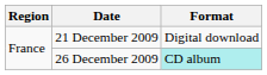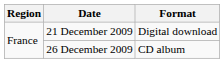 <table class="wikitable" border="1">
 <tr>
 <th>Region</th>
 <th>Date</th>
 <th>Format</th>
 </tr>
 <tr>
 <td rowspan=2>France</td>
 <td>21 December 2009</td>
 <td>Digital download</td>
 </tr>
 <tr>
 <td>26 December 2009</td>
-<td style="background: paleturquoise;">CD album</td>
+<td>CD album</td>
 </tr>
 </table>
